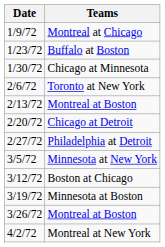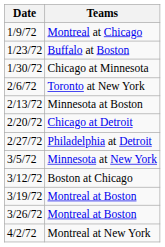 <table class="wikitable">
 <tr>
 <th>Date</th>
 <th>Teams</th>
 </tr>
 <tr>
 <td>1/9/72</td>
 <td><a href='#'>Montreal</a> at <a href='#'>Chicago</a></td>
 </tr>
 <tr>
 <td>1/23/72</td>
 <td><a href='#'>Buffalo</a> at <a href='#'>Boston</a></td>
 </tr>
 <tr>
 <td>1/30/72</td>
 <td>Chicago at Minnesota</td>
 </tr>
 <tr>
 <td>2/6/72</td>
 <td><a href='#'>Toronto</a> at New York</td>
 </tr>
 <tr>
 <td>2/13/72</td>
-<td><a href='#'>Montreal at Boston</a></td>
+<td>Minnesota at Boston</td>
 </tr>
 <tr>
 <td>2/20/72</td>
 <td><a href='#'>Chicago at Detroit</a></td>
 </tr>
 <tr>
 <td>2/27/72</td>
 <td><a href='#'>Philadelphia</a> at <a href='#'>Detroit</a></td>
 </tr>
 <tr>
 <td>3/5/72</td>
 <td><a href='#'>Minnesota</a> at <a href='#'>New York</a></td>
 </tr>
 <tr>
 <td>3/12/72</td>
 <td>Boston at Chicago</td>
 </tr>
 <tr>
 <td>3/19/72</td>
-<td>Minnesota at Boston</td>
+<td><a href='#'>Montreal at Boston</a></td>
 </tr>
 <tr>
 <td>3/26/72</td>
 <td><a href='#'>Montreal at Boston</a></td>
 </tr>
 <tr>
 <td>4/2/72</td>
 <td>Montreal at New York</td>
 </tr>
 </table>
